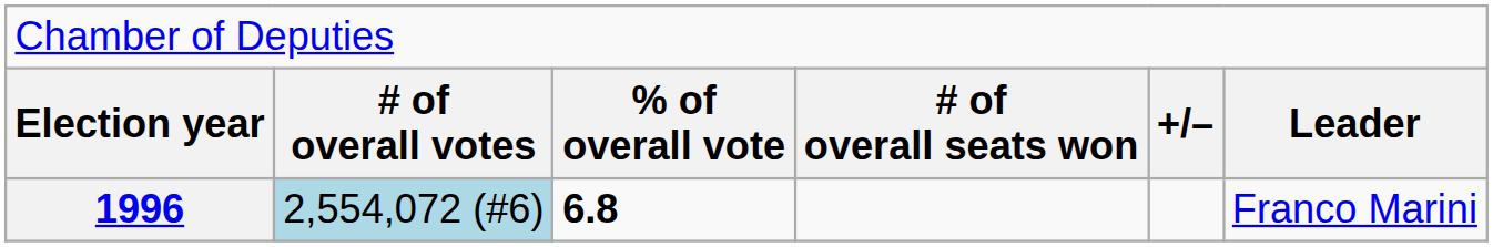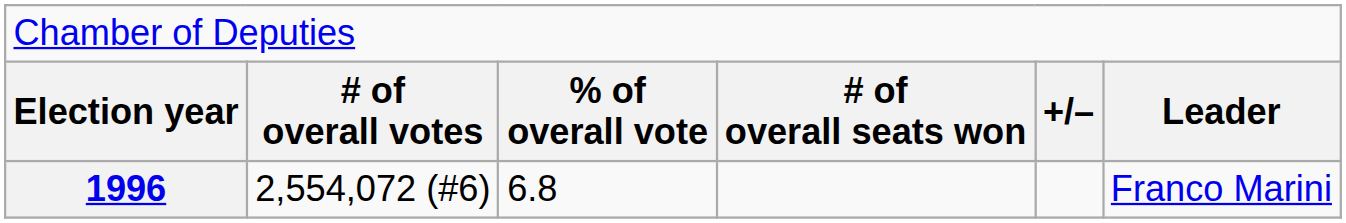 <table class=wikitable>
 <tr>
 <td colspan=6><a href='#'>Chamber of Deputies</a></td>
 </tr>
 <tr>
 <th>Election year</th>
 <th># of<br>overall votes</th>
 <th>% of<br>overall vote</th>
 <th># of<br>overall seats won</th>
 <th>+/–</th>
 <th>Leader</th>
 </tr>
 <tr>
 <th><a href='#'>1996</a></th>
-<td style="background: lightblue;">2,554,072 (#6)</td>
-<td><strong>6.8</strong></td>
+<td>2,554,072 (#6)</td>
+<td>6.8</td>
 <td></td>
 <td></td>
 <td><a href='#'>Franco Marini</a></td>
 </tr>
 </table>
